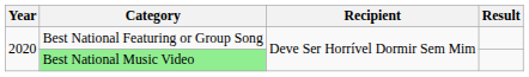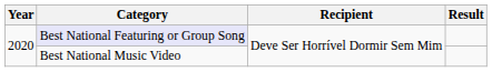 <table class="wikitable">
 <tr>
 <th>Year</th>
 <th>Category</th>
 <th>Recipient</th>
 <th>Result</th>
 </tr>
 <tr>
 <td rowspan=2>2020</td>
-<td>Best National Featuring or Group Song</td>
+<td style="background: lavender;">Best National Featuring or Group Song</td>
 <td rowspan=2>Deve Ser Horrível Dormir Sem Mim</td>
 <td></td>
 </tr>
 <tr>
-<td style="background: lightgreen;">Best National Music Video</td>
+<td>Best National Music Video</td>
 <td></td>
 </tr>
 </table>
